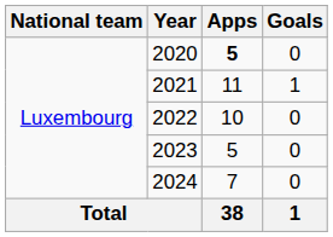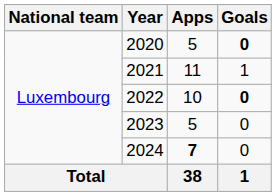 <table class=wikitable style=text-align:center>
 <tr>
 <th>National team</th>
 <th>Year</th>
 <th>Apps</th>
 <th>Goals</th>
 </tr>
 <tr>
 <td rowspan="5"><a href='#'>Luxembourg</a></td>
 <td>2020</td>
-<td><strong>5</strong></td>
-<td>0</td>
+<td>5</td>
+<td><strong>0</strong></td>
 </tr>
 <tr>
 <td>2021</td>
 <td>11</td>
 <td>1</td>
 </tr>
 <tr>
 <td>2022</td>
 <td>10</td>
-<td>0</td>
+<td><strong>0</strong></td>
 </tr>
 <tr>
 <td>2023</td>
 <td>5</td>
 <td>0</td>
 </tr>
 <tr>
 <td>2024</td>
-<td>7</td>
+<td><strong>7</strong></td>
 <td>0</td>
 </tr>
 <tr>
 <th colspan=2>Total</th>
 <th>38</th>
 <th>1</th>
 </tr>
 </table>
